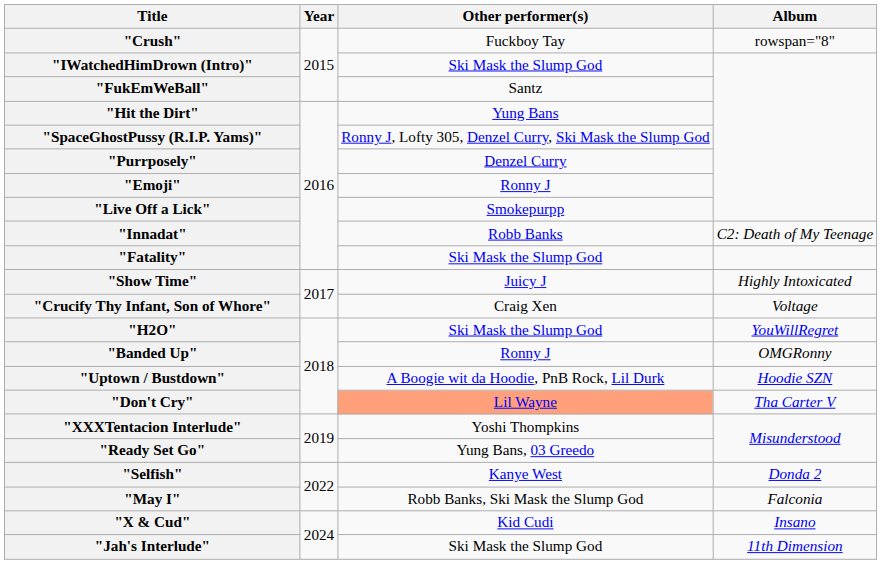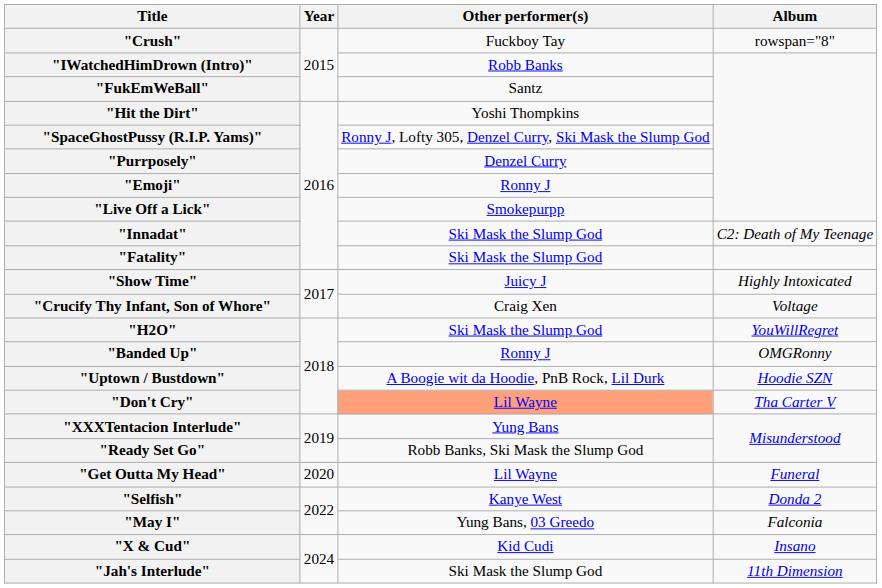 <table class="wikitable plainrowheaders" style="text-align:center;">
 <tr>
 <th style="width:19em;">Title</th>
 <th>Year</th>
 <th>Other performer(s)</th>
 <th>Album</th>
 </tr>
 <tr>
 <th scope="row">"Crush"</th>
 <td rowspan="3">2015</td>
 <td>Fuckboy Tay</td>
 <td>rowspan="8" </td>
 </tr>
 <tr>
 <th scope="row">"IWatchedHimDrown (Intro)"</th>
-<td><a href='#'>Ski Mask the Slump God</a></td>
+<td><a href='#'>Robb Banks</a></td>
 </tr>
 <tr>
 <th scope="row">"FukEmWeBall"</th>
 <td>Santz</td>
 </tr>
 <tr>
 <th scope="row">"Hit the Dirt"</th>
 <td rowspan="7">2016</td>
-<td><a href='#'>Yung Bans</a></td>
+<td>Yoshi Thompkins</td>
 </tr>
 <tr>
 <th scope="row">"SpaceGhostPussy (R.I.P. Yams)"</th>
 <td><a href='#'>Ronny J</a>, Lofty 305, <a href='#'>Denzel Curry</a>, <a href='#'>Ski Mask the Slump God</a></td>
 </tr>
 <tr>
 <th scope="row">"Purrposely"</th>
 <td><a href='#'>Denzel Curry</a></td>
 </tr>
 <tr>
 <th scope="row">"Emoji"</th>
 <td><a href='#'>Ronny J</a></td>
 </tr>
 <tr>
 <th scope="row">"Live Off a Lick"</th>
 <td><a href='#'>Smokepurpp</a></td>
 </tr>
 <tr>
 <th scope="row">"Innadat"</th>
-<td><a href='#'>Robb Banks</a></td>
+<td><a href='#'>Ski Mask the Slump God</a></td>
 <td><em>C2: Death of My Teenage</em></td>
 </tr>
 <tr>
 <th scope="row">"Fatality"</th>
 <td><a href='#'>Ski Mask the Slump God</a></td>
 <td></td>
 </tr>
 <tr>
 <th scope="row">"Show Time"</th>
 <td rowspan="2">2017</td>
 <td><a href='#'>Juicy J</a></td>
 <td><em>Highly Intoxicated</em></td>
 </tr>
 <tr>
 <th scope="row">"Crucify Thy Infant, Son of Whore"</th>
 <td>Craig Xen</td>
 <td><em>Voltage</em></td>
 </tr>
 <tr>
 <th scope="row">"H2O"</th>
 <td rowspan="4">2018</td>
 <td><a href='#'>Ski Mask the Slump God</a></td>
 <td><em><a href='#'>YouWillRegret</a></em></td>
 </tr>
 <tr>
 <th scope="row">"Banded Up"</th>
 <td><a href='#'>Ronny J</a></td>
 <td><em>OMGRonny</em></td>
 </tr>
 <tr>
 <th scope="row">"Uptown / Bustdown"</th>
 <td><a href='#'>A Boogie wit da Hoodie</a>, PnB Rock, <a href='#'>Lil Durk</a></td>
 <td><em><a href='#'>Hoodie SZN</a></em></td>
 </tr>
 <tr>
 <th scope="row">"Don't Cry"</th>
 <td style="background: lightsalmon;"><a href='#'>Lil Wayne</a></td>
 <td><em><a href='#'>Tha Carter V</a></em></td>
 </tr>
 <tr>
 <th scope="row">"XXXTentacion Interlude"</th>
 <td rowspan="2">2019</td>
-<td>Yoshi Thompkins</td>
+<td><a href='#'>Yung Bans</a></td>
 <td rowspan="2"><em><a href='#'>Misunderstood</a></em></td>
 </tr>
 <tr>
 <th scope="row">"Ready Set Go"</th>
-<td>Yung Bans, <a href='#'>03 Greedo</a></td>
+<td>Robb Banks, Ski Mask the Slump God</td>
+</tr>
+<tr>
+<th scope="row">"Get Outta My Head"</th>
+<td>2020</td>
+<td><a href='#'>Lil Wayne</a></td>
+<td><em><a href='#'>Funeral</a></em></td>
 </tr>
 <tr>
 <th scope="row">"Selfish"</th>
 <td rowspan="2">2022</td>
 <td><a href='#'>Kanye West</a></td>
 <td><em><a href='#'>Donda 2</a></em></td>
 </tr>
 <tr>
 <th scope="row">"May I"</th>
-<td>Robb Banks, Ski Mask the Slump God</td>
+<td>Yung Bans, <a href='#'>03 Greedo</a></td>
 <td><em>Falconia</em></td>
 </tr>
 <tr>
 <th scope="row">"X & Cud"</th>
 <td rowspan="2">2024</td>
 <td><a href='#'>Kid Cudi</a></td>
 <td><em><a href='#'>Insano</a></em></td>
 </tr>
 <tr>
 <th scope="row">"Jah's Interlude"</th>
 <td>Ski Mask the Slump God</td>
 <td><em><a href='#'>11th Dimension</a></em></td>
 </tr>
 </table>
